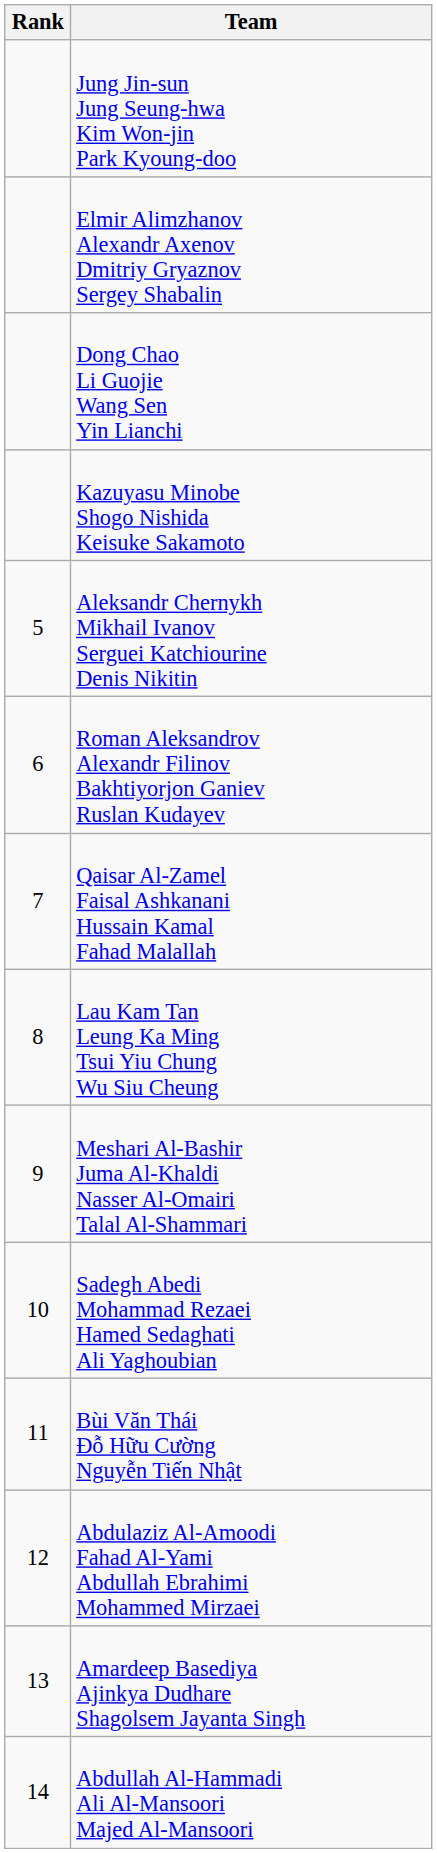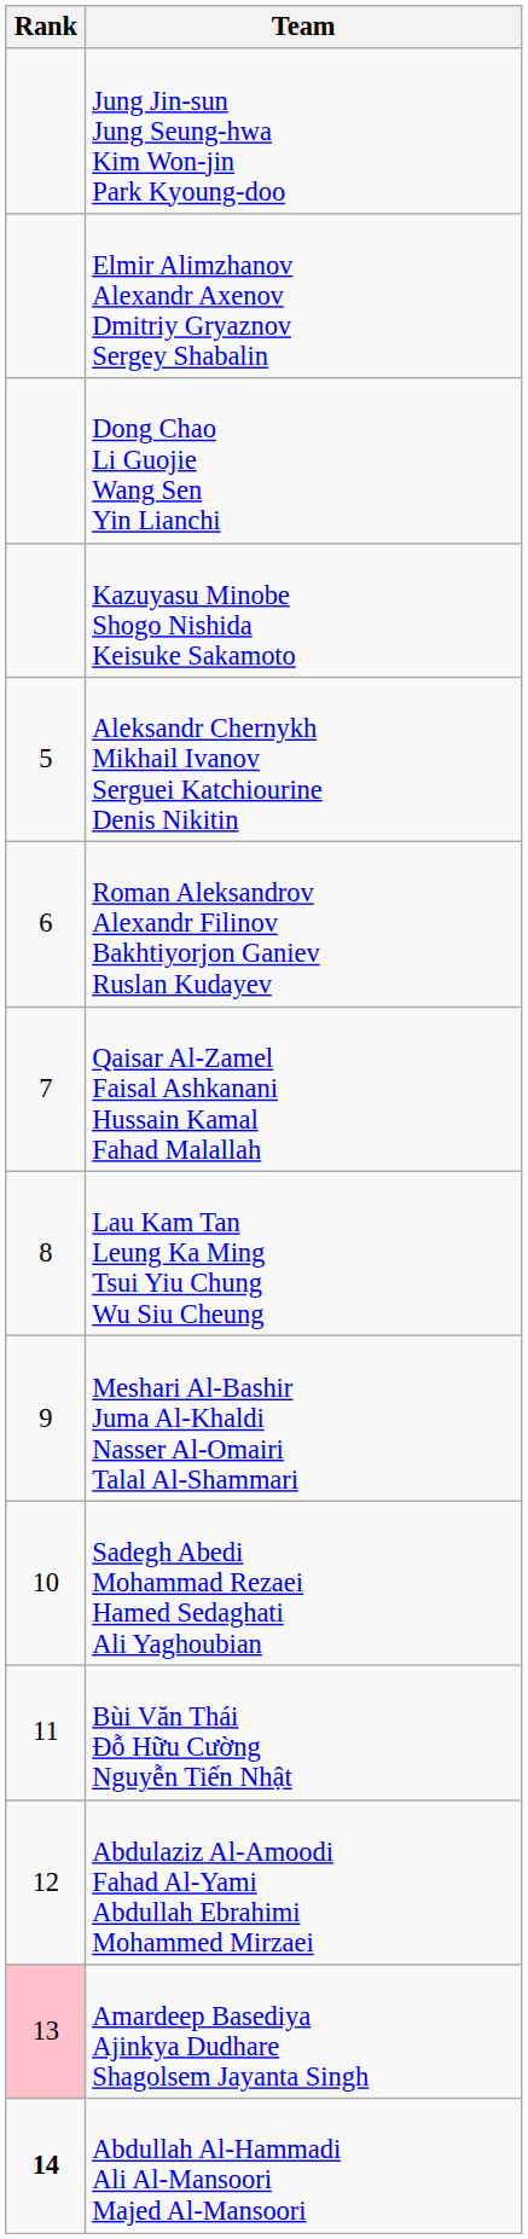 <table class="wikitable" style="text-align: center;">
 <tr>
 <th width=40>Rank</th>
 <th width=250>Team</th>
 </tr>
 <tr>
 <td></td>
 <td align=left><br><a href='#'>Jung Jin-sun</a><br><a href='#'>Jung Seung-hwa</a><br><a href='#'>Kim Won-jin</a><br><a href='#'>Park Kyoung-doo</a></td>
 </tr>
 <tr>
 <td></td>
 <td align=left><br><a href='#'>Elmir Alimzhanov</a><br><a href='#'>Alexandr Axenov</a><br><a href='#'>Dmitriy Gryaznov</a><br><a href='#'>Sergey Shabalin</a></td>
 </tr>
 <tr>
 <td></td>
 <td align=left><br><a href='#'>Dong Chao</a><br><a href='#'>Li Guojie</a><br><a href='#'>Wang Sen</a><br><a href='#'>Yin Lianchi</a></td>
 </tr>
 <tr>
 <td></td>
 <td align=left><br><a href='#'>Kazuyasu Minobe</a><br><a href='#'>Shogo Nishida</a><br><a href='#'>Keisuke Sakamoto</a></td>
 </tr>
 <tr>
 <td>5</td>
 <td align=left><br><a href='#'>Aleksandr Chernykh</a><br><a href='#'>Mikhail Ivanov</a><br><a href='#'>Serguei Katchiourine</a><br><a href='#'>Denis Nikitin</a></td>
 </tr>
 <tr>
 <td>6</td>
 <td align=left><br><a href='#'>Roman Aleksandrov</a><br><a href='#'>Alexandr Filinov</a><br><a href='#'>Bakhtiyorjon Ganiev</a><br><a href='#'>Ruslan Kudayev</a></td>
 </tr>
 <tr>
 <td>7</td>
 <td align=left><br><a href='#'>Qaisar Al-Zamel</a><br><a href='#'>Faisal Ashkanani</a><br><a href='#'>Hussain Kamal</a><br><a href='#'>Fahad Malallah</a></td>
 </tr>
 <tr>
 <td>8</td>
 <td align=left><br><a href='#'>Lau Kam Tan</a><br><a href='#'>Leung Ka Ming</a><br><a href='#'>Tsui Yiu Chung</a><br><a href='#'>Wu Siu Cheung</a></td>
 </tr>
 <tr>
 <td>9</td>
 <td align=left><br><a href='#'>Meshari Al-Bashir</a><br><a href='#'>Juma Al-Khaldi</a><br><a href='#'>Nasser Al-Omairi</a><br><a href='#'>Talal Al-Shammari</a></td>
 </tr>
 <tr>
 <td>10</td>
 <td align=left><br><a href='#'>Sadegh Abedi</a><br><a href='#'>Mohammad Rezaei</a><br><a href='#'>Hamed Sedaghati</a><br><a href='#'>Ali Yaghoubian</a></td>
 </tr>
 <tr>
 <td>11</td>
 <td align=left><br><a href='#'>Bùi Văn Thái</a><br><a href='#'>Đỗ Hữu Cường</a><br><a href='#'>Nguyễn Tiến Nhật</a></td>
 </tr>
 <tr>
 <td>12</td>
 <td align=left><br><a href='#'>Abdulaziz Al-Amoodi</a><br><a href='#'>Fahad Al-Yami</a><br><a href='#'>Abdullah Ebrahimi</a><br><a href='#'>Mohammed Mirzaei</a></td>
 </tr>
 <tr>
-<td>13</td>
+<td style="background: pink;">13</td>
 <td align=left><br><a href='#'>Amardeep Basediya</a><br><a href='#'>Ajinkya Dudhare</a><br><a href='#'>Shagolsem Jayanta Singh</a></td>
 </tr>
 <tr>
-<td>14</td>
+<td><strong>14</strong></td>
 <td align=left><br><a href='#'>Abdullah Al-Hammadi</a><br><a href='#'>Ali Al-Mansoori</a><br><a href='#'>Majed Al-Mansoori</a></td>
 </tr>
 </table>
